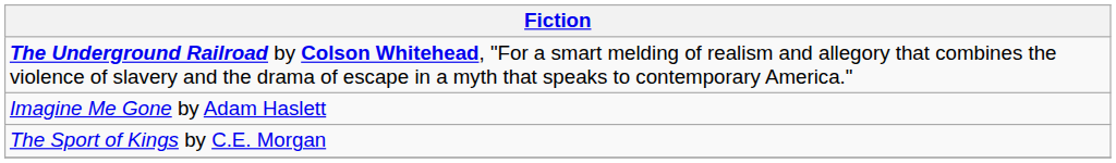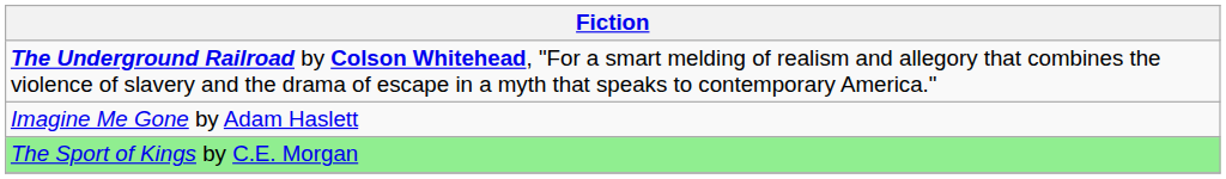 <table class="wikitable" style="float:left; float:none;">
 <tr>
 <th><a href='#'>Fiction</a></th>
 </tr>
 <tr>
 <td><strong><em><a href='#'>The Underground Railroad</a></em></strong> by <strong><a href='#'>Colson Whitehead</a></strong>, "For a smart melding of realism and allegory that combines the violence of slavery and the drama of escape in a myth that speaks to contemporary America."</td>
 </tr>
 <tr>
 <td><em><a href='#'>Imagine Me Gone</a></em> by <a href='#'>Adam Haslett</a></td>
 </tr>
 <tr>
-<td><em><a href='#'>The Sport of Kings</a></em> by <a href='#'>C.E. Morgan</a></td>
+<td style="background: lightgreen;"><em><a href='#'>The Sport of Kings</a></em> by <a href='#'>C.E. Morgan</a></td>
 </tr>
 <tr>
 </tr>
 </table>
